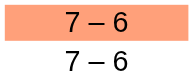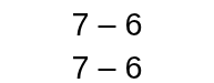 <table style="text-align:center">
 <tr>
 <th width=200></th>
 <th width=100></th>
 <th width=200></th>
 </tr>
 <tr>
 <td align=right><strong></strong></td>
-<td style="background: lightsalmon;">7 – 6</td>
+<td>7 – 6</td>
 <td align=left></td>
 </tr>
 <tr>
 <td align=right><strong></strong></td>
 <td>7 – 6</td>
 <td align=left></td>
 </tr>
 </table>
